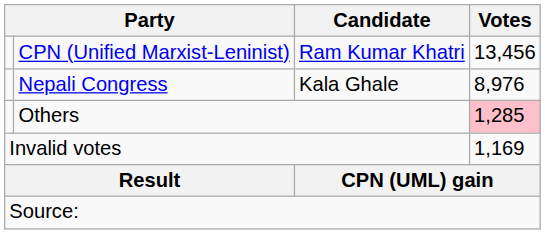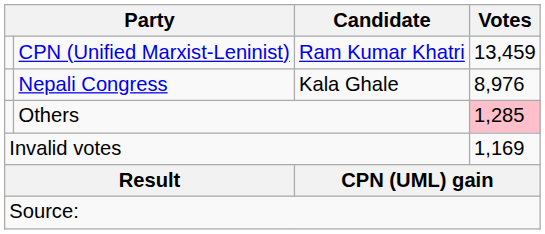 <table class="wikitable">
 <tr>
 <th colspan="2">Party</th>
 <th>Candidate</th>
 <th>Votes</th>
 </tr>
 <tr>
 <td style="background-color:"></td>
 <td><a href='#'>CPN (Unified Marxist-Leninist)</a></td>
 <td><a href='#'>Ram Kumar Khatri</a></td>
-<td>13,456</td>
+<td>13,459</td>
 </tr>
 <tr>
 <td style="background-color:"></td>
 <td><a href='#'>Nepali Congress</a></td>
 <td>Kala Ghale</td>
 <td>8,976</td>
 </tr>
 <tr>
 <td></td>
 <td colspan="2">Others</td>
 <td style="background: pink;">1,285</td>
 </tr>
 <tr>
 <td colspan="3">Invalid votes</td>
 <td>1,169</td>
 </tr>
 <tr>
 <th colspan="2">Result</th>
 <th colspan="2">CPN (UML) gain</th>
 </tr>
 <tr>
 <td colspan="4">Source: </td>
 </tr>
 </table>
